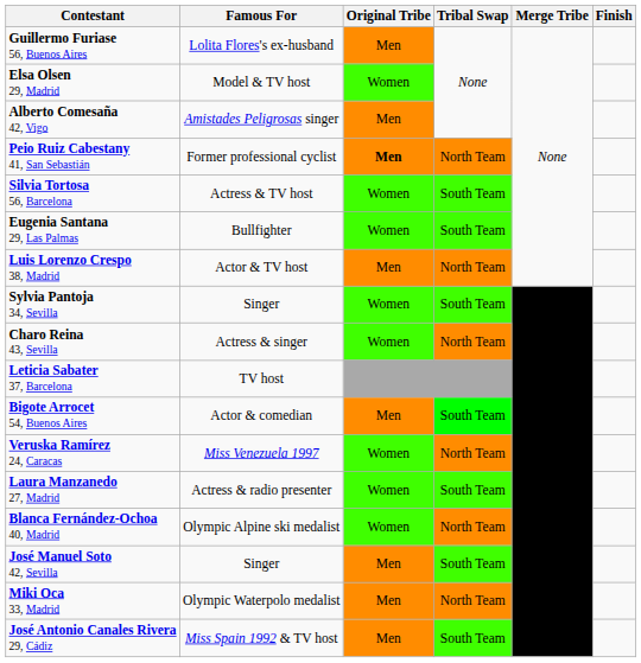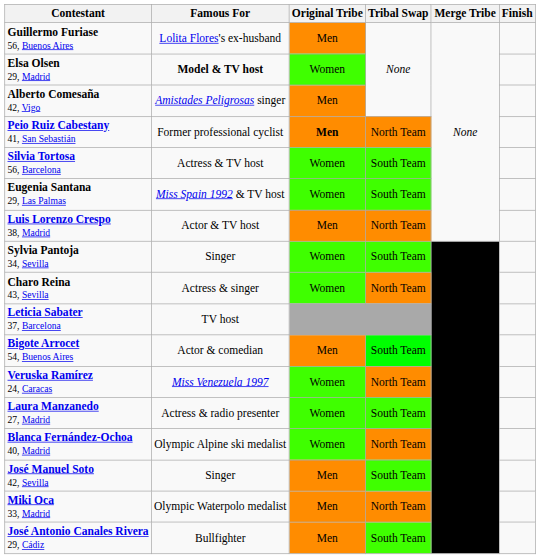 <table class="wikitable" style="margin:auto; text-align:center">
 <tr>
 <th>Contestant</th>
 <th>Famous For</th>
 <th>Original Tribe</th>
 <th>Tribal Swap</th>
 <th>Merge Tribe</th>
 <th>Finish</th>
 </tr>
 <tr>
 <td align="left"><strong>Guillermo Furiase</strong><br><small>56, <a href='#'>Buenos Aires</a></small></td>
 <td><a href='#'>Lolita Flores</a>'s ex-husband</td>
 <td bgcolor="#FF8C00">Men</td>
 <td rowspan="3"><em>None</em></td>
 <td rowspan="7"><em>None</em></td>
 <td></td>
 </tr>
 <tr>
 <td align="left"><strong>Elsa Olsen</strong><br><small>29, <a href='#'>Madrid</a></small></td>
-<td>Model & TV host</td>
+<td><strong>Model & TV host</strong></td>
 <td bgcolor="#3FFF00">Women</td>
 <td></td>
 </tr>
 <tr>
 <td align="left"><strong>Alberto Comesaña</strong><br><small>42, <a href='#'>Vigo</a></small></td>
 <td><em><a href='#'>Amistades Peligrosas</a></em> singer</td>
 <td bgcolor="#FF8C00">Men</td>
 <td></td>
 </tr>
 <tr>
 <td align="left"><strong><a href='#'>Peio Ruiz Cabestany</a></strong><br><small>41, <a href='#'>San Sebastián</a></small></td>
 <td>Former professional cyclist</td>
 <td bgcolor="#FF8C00"><strong>Men</strong></td>
 <td bgcolor="#FF8C00">North Team</td>
 <td></td>
 </tr>
 <tr>
 <td align="left"><strong><a href='#'>Silvia Tortosa</a></strong><br><small>56, <a href='#'>Barcelona</a></small></td>
 <td>Actress & TV host</td>
 <td bgcolor="#3FFF00">Women</td>
 <td bgcolor="#3FFF00">South Team</td>
 <td></td>
 </tr>
 <tr>
 <td align="left"><strong>Eugenia Santana</strong><br><small>29, <a href='#'>Las Palmas</a></small></td>
-<td>Bullfighter</td>
+<td><em><a href='#'>Miss Spain 1992</a></em> & TV host</td>
 <td bgcolor="#3FFF00">Women</td>
 <td bgcolor="#3FFF00">South Team</td>
 <td></td>
 </tr>
 <tr>
 <td align="left"><strong><a href='#'>Luis Lorenzo Crespo</a></strong><br><small>38, <a href='#'>Madrid</a></small></td>
 <td>Actor & TV host</td>
 <td bgcolor="#FF8C00">Men</td>
 <td bgcolor="#FF8C00">North Team</td>
 <td></td>
 </tr>
 <tr>
 <td align="left"><strong>Sylvia Pantoja</strong><br><small>34, <a href='#'>Sevilla</a></small></td>
 <td>Singer</td>
 <td bgcolor="#3FFF00">Women</td>
 <td bgcolor="#3FFF00">South Team</td>
 <td rowspan=12 bgcolor="black"><span>Merged Tribe</span></td>
 <td></td>
 </tr>
 <tr>
 <td align="left"><strong>Charo Reina</strong><br><small>43, <a href='#'>Sevilla</a></small></td>
 <td>Actress & singer</td>
 <td bgcolor="#3FFF00">Women</td>
 <td bgcolor="#FF8C00">North Team</td>
 <td></td>
 </tr>
 <tr>
 <td align="left"><strong><a href='#'>Leticia Sabater</a></strong><br><small>37, <a href='#'>Barcelona</a></small></td>
 <td>TV host</td>
 <td colspan=2 bgcolor="darkgray"></td>
 <td></td>
 </tr>
 <tr>
 <td align="left"><strong><a href='#'>Bigote Arrocet</a></strong><br><small>54, <a href='#'>Buenos Aires</a></small></td>
 <td>Actor & comedian</td>
 <td bgcolor="#FF8C00">Men</td>
 <td bgcolor="#00FF00">South Team</td>
 <td></td>
 </tr>
 <tr>
 <td align="left"><strong><a href='#'>Veruska Ramírez</a></strong><br><small>24, <a href='#'>Caracas</a></small></td>
 <td><em><a href='#'>Miss Venezuela 1997</a></em></td>
 <td bgcolor="#3FFF00">Women</td>
 <td bgcolor="#FF8C00">North Team</td>
 <td></td>
 </tr>
 <tr>
 <td align="left"><strong><a href='#'>Laura Manzanedo</a></strong><br><small>27, <a href='#'>Madrid</a></small></td>
 <td>Actress & radio presenter</td>
 <td bgcolor="#3FFF00">Women</td>
 <td bgcolor="#3FFF00">South Team</td>
 <td></td>
 </tr>
 <tr>
 <td align="left"><strong><a href='#'>Blanca Fernández-Ochoa</a></strong><br><small>40, <a href='#'>Madrid</a></small></td>
 <td>Olympic Alpine ski medalist</td>
 <td bgcolor="#3FFF00">Women</td>
 <td bgcolor="#FF8C00">North Team</td>
 <td></td>
 </tr>
 <tr>
 <td align="left"><strong><a href='#'>José Manuel Soto</a></strong><br><small>42, <a href='#'>Sevilla</a></small></td>
 <td>Singer</td>
 <td bgcolor="#FF8C00">Men</td>
 <td bgcolor="#3FFF00">South Team</td>
 <td></td>
 </tr>
 <tr>
 <td align="left"><strong><a href='#'>Miki Oca</a></strong><br><small>33, <a href='#'>Madrid</a></small></td>
 <td>Olympic Waterpolo medalist</td>
 <td bgcolor="#FF8C00">Men</td>
 <td bgcolor="#FF8C00">North Team</td>
 <td></td>
 </tr>
 <tr>
 <td align="left"><strong><a href='#'>José Antonio Canales Rivera</a></strong><br><small>29, <a href='#'>Cádiz</a></small></td>
-<td><em><a href='#'>Miss Spain 1992</a></em> & TV host</td>
+<td>Bullfighter</td>
 <td bgcolor="#FF8C00">Men</td>
 <td bgcolor="#3FFF00">South Team</td>
 <td></td>
 </tr>
 </table>
